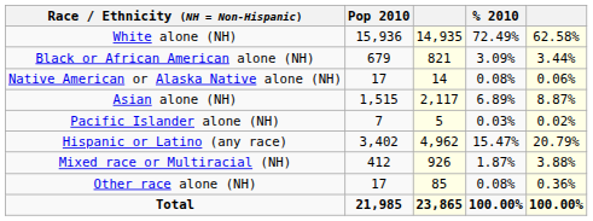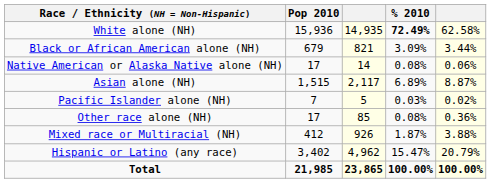 <table class="wikitable" style="text-align:center;">
 <tr>
 <th>Race / Ethnicity <small>(<em>NH = Non-Hispanic</em>)</small></th>
 <th>Pop 2010</th>
 <th></th>
 <th>% 2010</th>
 <th></th>
 </tr>
 <tr>
 <td><a href='#'>White</a> alone (NH)</td>
 <td>15,936</td>
 <td style='background: #ffffe6;'>14,935</td>
-<td>72.49%</td>
+<td><strong>72.49%</strong></td>
 <td style='background: #ffffe6;'>62.58%</td>
 </tr>
 <tr>
 <td><a href='#'>Black or African American</a> alone (NH)</td>
 <td>679</td>
 <td style='background: #ffffe6;'>821</td>
 <td>3.09%</td>
 <td style='background: #ffffe6;'>3.44%</td>
 </tr>
 <tr>
 <td><a href='#'>Native American</a> or <a href='#'>Alaska Native</a> alone (NH)</td>
 <td>17</td>
 <td style='background: #ffffe6;'>14</td>
 <td>0.08%</td>
 <td style='background: #ffffe6;'>0.06%</td>
 </tr>
 <tr>
 <td><a href='#'>Asian</a> alone (NH)</td>
 <td>1,515</td>
 <td style='background: #ffffe6;'>2,117</td>
 <td>6.89%</td>
 <td style='background: #ffffe6;'>8.87%</td>
 </tr>
 <tr>
 <td><a href='#'>Pacific Islander</a> alone (NH)</td>
 <td>7</td>
 <td style='background: #ffffe6;'>5</td>
 <td>0.03%</td>
 <td style='background: #ffffe6;'>0.02%</td>
 </tr>
 <tr>
-<td><a href='#'>Hispanic or Latino</a> (any race)</td>
-<td>3,402</td>
-<td style='background: #ffffe6;'>4,962</td>
-<td>15.47%</td>
-<td style='background: #ffffe6;'>20.79%</td>
+<td><a href='#'>Other race</a> alone (NH)</td>
+<td>17</td>
+<td style='background: #ffffe6;'>85</td>
+<td>0.08%</td>
+<td style='background: #ffffe6;'>0.36%</td>
 </tr>
 <tr>
 <td><a href='#'>Mixed race or Multiracial</a> (NH)</td>
 <td>412</td>
 <td style='background: #ffffe6;'>926</td>
 <td>1.87%</td>
 <td style='background: #ffffe6;'>3.88%</td>
 </tr>
 <tr>
-<td><a href='#'>Other race</a> alone (NH)</td>
-<td>17</td>
-<td style='background: #ffffe6;'>85</td>
-<td>0.08%</td>
-<td style='background: #ffffe6;'>0.36%</td>
+<td><a href='#'>Hispanic or Latino</a> (any race)</td>
+<td>3,402</td>
+<td style='background: #ffffe6;'>4,962</td>
+<td>15.47%</td>
+<td style='background: #ffffe6;'>20.79%</td>
 </tr>
 <tr>
 <td><strong>Total</strong></td>
 <td><strong>21,985</strong></td>
 <td style='background: #ffffe6;'><strong>23,865</strong></td>
 <td><strong>100.00%</strong></td>
 <td style='background: #ffffe6;'><strong>100.00%</strong></td>
 </tr>
 </table>
